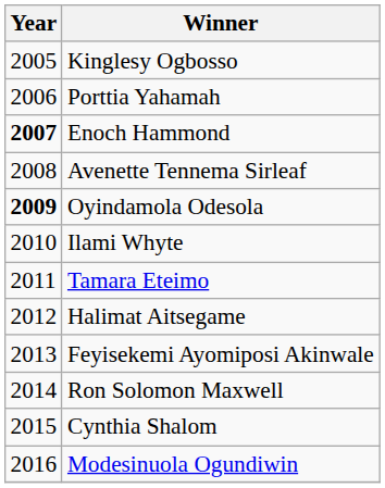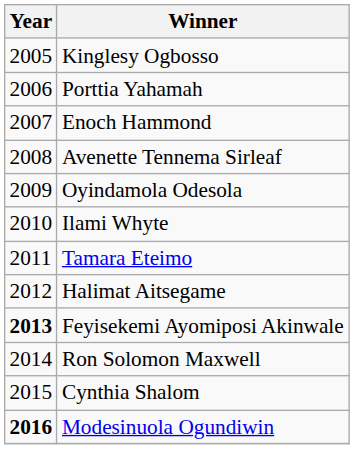 <table class="wikitable">
 <tr>
 <th>Year</th>
 <th>Winner</th>
 </tr>
 <tr>
 <td>2005</td>
 <td>Kinglesy Ogbosso</td>
 </tr>
 <tr>
 <td>2006</td>
 <td>Porttia Yahamah</td>
 </tr>
 <tr>
-<td><strong>2007</strong></td>
+<td>2007</td>
 <td>Enoch Hammond</td>
 </tr>
 <tr>
 <td>2008</td>
 <td> Avenette Tennema Sirleaf</td>
 </tr>
 <tr>
-<td><strong>2009</strong></td>
+<td>2009</td>
 <td> Oyindamola Odesola</td>
 </tr>
 <tr>
 <td>2010</td>
 <td>Ilami Whyte</td>
 </tr>
 <tr>
 <td>2011</td>
 <td><a href='#'>Tamara Eteimo</a></td>
 </tr>
 <tr>
 <td>2012</td>
 <td>Halimat Aitsegame</td>
 </tr>
 <tr>
-<td>2013</td>
+<td><strong>2013</strong></td>
 <td> Feyisekemi Ayomiposi Akinwale</td>
 </tr>
 <tr>
 <td>2014</td>
 <td> Ron Solomon Maxwell</td>
 </tr>
 <tr>
 <td>2015</td>
 <td>Cynthia Shalom</td>
 </tr>
 <tr>
-<td>2016</td>
+<td><strong>2016</strong></td>
 <td> <a href='#'>Modesinuola Ogundiwin</a></td>
 </tr>
 <tr>
 </tr>
 </table>
